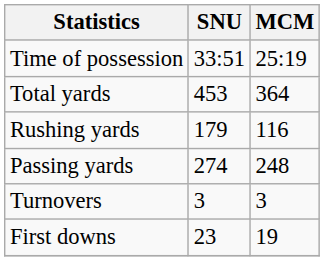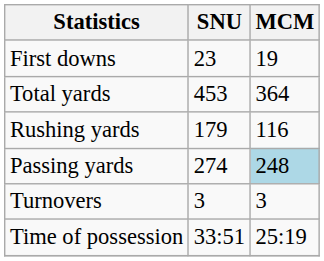 <table class="wikitable">
 <tr>
 <th>Statistics</th>
 <th>SNU</th>
 <th>MCM</th>
 </tr>
 <tr>
-<td>Time of possession</td>
-<td>33:51</td>
-<td>25:19</td>
+<td>First downs</td>
+<td>23</td>
+<td>19</td>
 </tr>
 <tr>
 <td>Total yards</td>
 <td>453</td>
 <td>364</td>
 </tr>
 <tr>
 <td>Rushing yards</td>
 <td>179</td>
 <td>116</td>
 </tr>
 <tr>
 <td>Passing yards</td>
 <td>274</td>
-<td>248</td>
+<td style="background: lightblue;">248</td>
 </tr>
 <tr>
 <td>Turnovers</td>
 <td>3</td>
 <td>3</td>
 </tr>
 <tr>
-<td>First downs</td>
-<td>23</td>
-<td>19</td>
+<td>Time of possession</td>
+<td>33:51</td>
+<td>25:19</td>
 </tr>
 <tr>
 </tr>
 </table>
